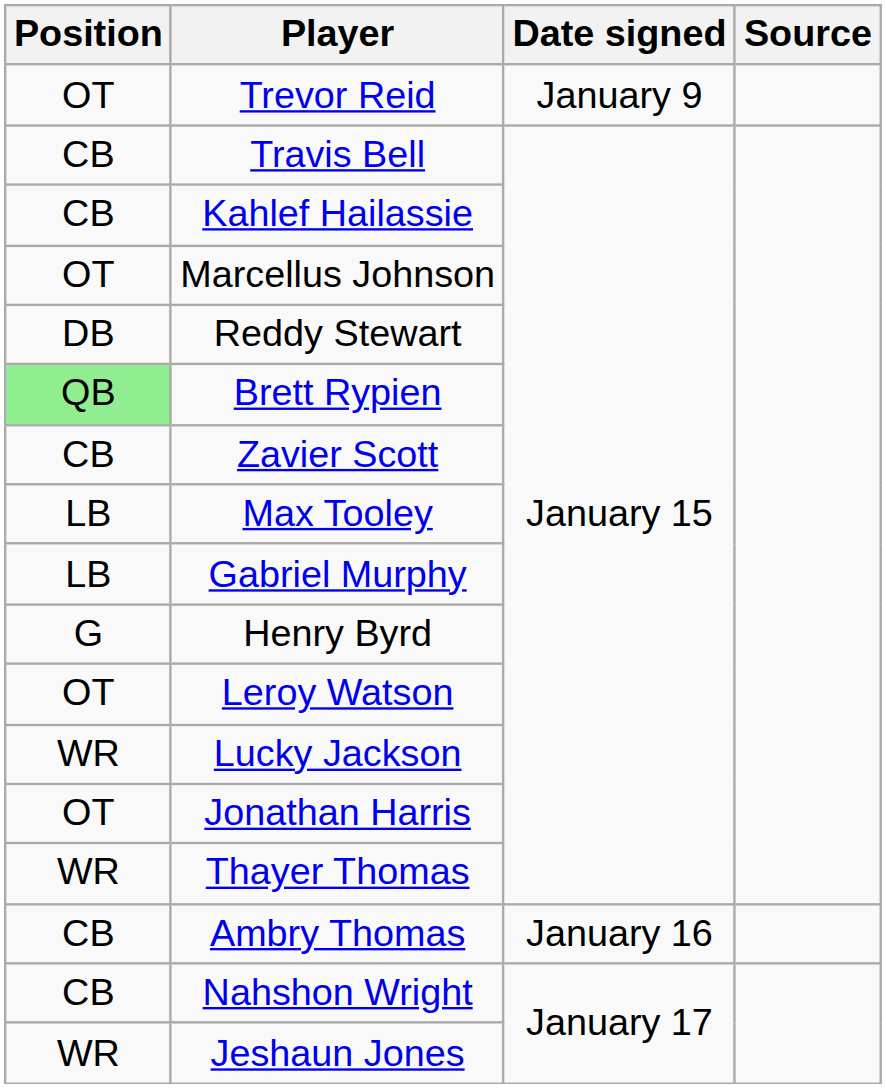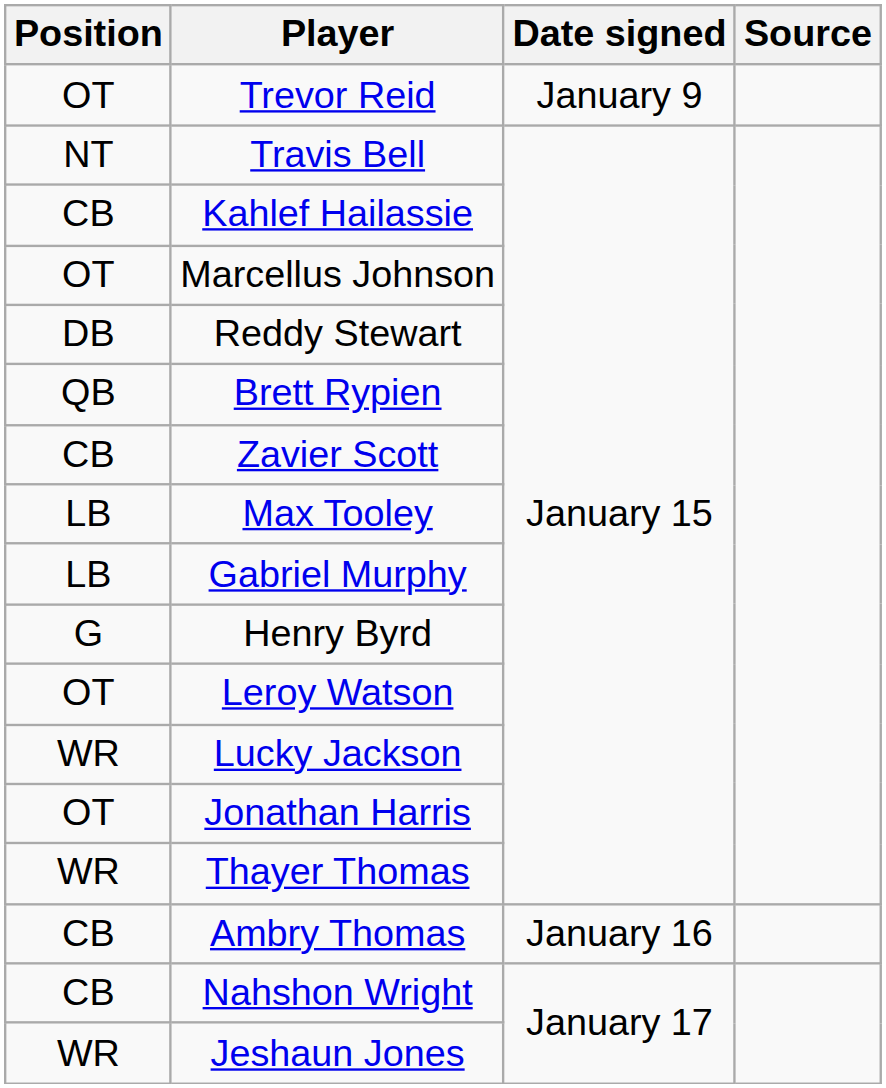 <table class="wikitable" style="text-align:center">
 <tr>
 <th>Position</th>
 <th>Player</th>
 <th>Date signed</th>
 <th>Source</th>
 </tr>
 <tr>
 <td>OT</td>
 <td><a href='#'>Trevor Reid</a></td>
 <td>January 9</td>
 <td></td>
 </tr>
 <tr>
-<td>CB</td>
+<td>NT</td>
 <td><a href='#'>Travis Bell</a></td>
 <td rowspan="13">January 15</td>
 <td rowspan="13"></td>
 </tr>
 <tr>
 <td>CB</td>
 <td><a href='#'>Kahlef Hailassie</a></td>
 </tr>
 <tr>
 <td>OT</td>
 <td>Marcellus Johnson</td>
 </tr>
 <tr>
 <td>DB</td>
 <td>Reddy Stewart</td>
 </tr>
 <tr>
-<td style="background: lightgreen;">QB</td>
+<td>QB</td>
 <td><a href='#'>Brett Rypien</a></td>
 </tr>
 <tr>
 <td>CB</td>
 <td><a href='#'>Zavier Scott</a></td>
 </tr>
 <tr>
 <td>LB</td>
 <td><a href='#'>Max Tooley</a></td>
 </tr>
 <tr>
 <td>LB</td>
 <td><a href='#'>Gabriel Murphy</a></td>
 </tr>
 <tr>
 <td>G</td>
 <td>Henry Byrd</td>
 </tr>
 <tr>
 <td>OT</td>
 <td><a href='#'>Leroy Watson</a></td>
 </tr>
 <tr>
 <td>WR</td>
 <td><a href='#'>Lucky Jackson</a></td>
 </tr>
 <tr>
 <td>OT</td>
 <td><a href='#'>Jonathan Harris</a></td>
 </tr>
 <tr>
 <td>WR</td>
 <td><a href='#'>Thayer Thomas</a></td>
 </tr>
 <tr>
 <td>CB</td>
 <td><a href='#'>Ambry Thomas</a></td>
 <td>January 16</td>
 <td></td>
 </tr>
 <tr>
 <td>CB</td>
 <td><a href='#'>Nahshon Wright</a></td>
 <td rowspan="2">January 17</td>
 <td rowspan="2"></td>
 </tr>
 <tr>
 <td>WR</td>
 <td><a href='#'>Jeshaun Jones</a></td>
 </tr>
 </table>
